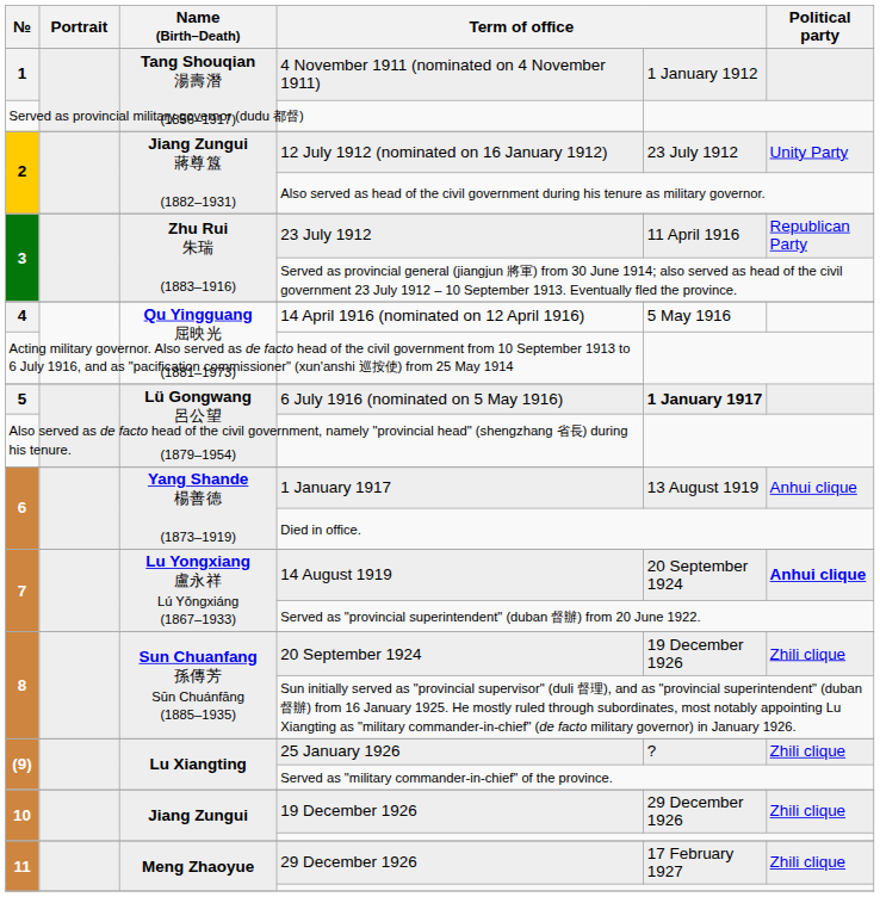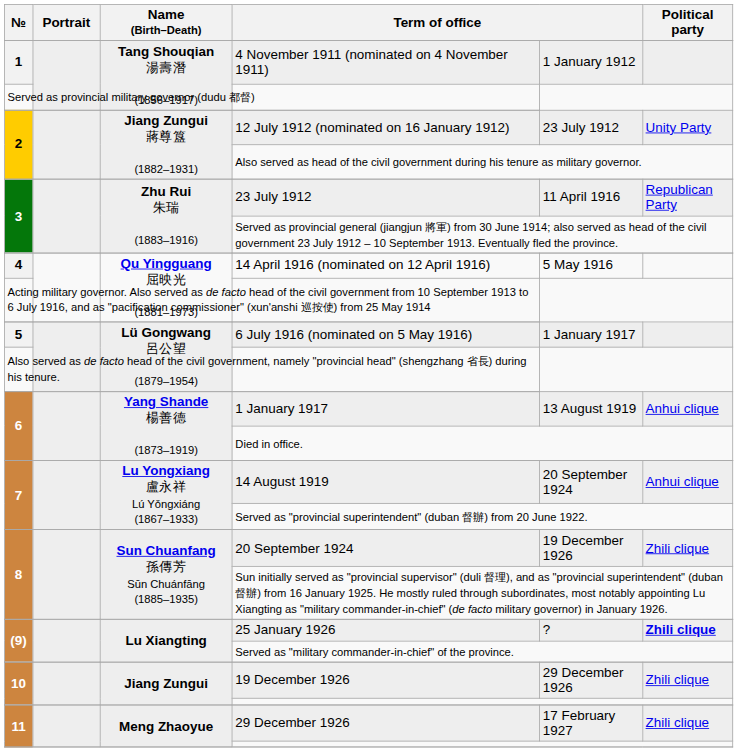 <table class="wikitable">
 <tr ->
 <th>№</th>
 <th>Portrait</th>
 <th width=150px>Name<br><small>(Birth–Death)</small></th>
 <th colspan=2 width=200px>Term of office</th>
 <th width=100px>Political party</th>
 </tr>
 <tr ->
 </tr>
 <tr - bgcolor=#EEEEEE>
 <th style="background:">1</th>
 <td rowspan=2 align=center></td>
 <td rowspan=2 align=center><strong>Tang Shouqian</strong><br><span>湯壽潛</span><br><small><br>(1856–1917)</small></td>
 <td>4 November 1911 (nominated on 4 November 1911)</td>
 <td>1 January 1912</td>
 <td></td>
 </tr>
 <tr>
 <td colspan=4><small>Served as provincial military governor  (dudu 都督)</small></td>
 </tr>
 <tr ->
 </tr>
 <tr - bgcolor=#EEEEEE>
 <th style="background:#FFCC00; color:black;" rowspan=2>2</th>
 <td rowspan=2 align=center></td>
 <td rowspan=2 align=center><strong>Jiang Zungui</strong><br><span>蔣尊簋</span><br><small><br>(1882–1931)</small></td>
 <td>12 July 1912 (nominated on 16 January 1912)</td>
 <td>23 July 1912</td>
 <td><a href='#'>Unity Party</a></td>
 </tr>
 <tr>
 <td colspan=4><small>Also served as head of the civil government during his tenure as military governor.</small></td>
 </tr>
 <tr ->
 </tr>
 <tr - bgcolor=#EEEEEE>
 <th style="background:#04770A; color:white;" rowspan=2>3</th>
 <td rowspan=2 align=center></td>
 <td rowspan=2 align=center><strong>Zhu Rui</strong><br><span>朱瑞</span><br><small><br>(1883–1916)</small></td>
 <td>23 July 1912</td>
 <td>11 April 1916</td>
 <td><a href='#'>Republican Party</a></td>
 </tr>
 <tr>
 <td colspan=4><small>Served as provincial general (jiangjun 將軍) from 30 June 1914; also served as head of the civil government 23 July 1912 – 10 September 1913. Eventually fled the province.</small></td>
 </tr>
 <tr ->
 </tr>
 <tr - bgcolor=>
 <th style="background:">4</th>
 <td rowspan=2 align=center></td>
 <td rowspan=2 align=center><strong><a href='#'>Qu Yingguang</a></strong><br><span>屈映光</span><br><small><br>(1881–1973)</small></td>
 <td>14 April 1916 (nominated on 12 April 1916)</td>
 <td>5 May 1916</td>
 <td></td>
 </tr>
 <tr>
 <td colspan=4><small>Acting military governor. Also served as <em>de facto</em> head of the civil government from 10 September 1913 to 6 July 1916, and as "pacification commissioner" (xun'anshi 巡按使) from 25 May 1914</small></td>
 </tr>
 <tr ->
 </tr>
 <tr - bgcolor=#EEEEEE>
 <th style="background:">5</th>
 <td rowspan=2 align=center></td>
 <td rowspan=2 align=center><strong>Lü Gongwang</strong><br><span>呂公望</span><br><small><br>(1879–1954)</small></td>
 <td>6 July 1916 (nominated on 5 May 1916)</td>
-<td><strong>1 January 1917</strong></td>
+<td>1 January 1917</td>
 <td></td>
 </tr>
 <tr>
 <td colspan=4><small>Also served as <em>de facto</em> head of the civil government, namely "provincial head" (shengzhang 省長) during his tenure.</small></td>
 </tr>
 <tr ->
 </tr>
 <tr - bgcolor=#EEEEEE>
 <th style="background:#CD853F; color:white;" rowspan=2>6</th>
 <td rowspan=2 align=center></td>
 <td rowspan=2 align=center><strong><a href='#'>Yang Shande</a></strong><br><span>楊善德</span><br><small><br>(1873–1919)</small></td>
 <td>1 January 1917</td>
 <td>13 August 1919</td>
 <td><a href='#'>Anhui clique</a></td>
 </tr>
 <tr>
 <td colspan=4><small>Died in office.</small></td>
 </tr>
 <tr ->
 </tr>
 <tr - bgcolor=#EEEEEE>
 <th style="background:#CD853F; color:white;" rowspan=2>7</th>
 <td rowspan=2 align=center></td>
 <td rowspan=2 align=center><strong><a href='#'>Lu Yongxiang</a></strong><br><span>盧永祥</span><br><small>Lú Yǒngxiáng<br>(1867–1933)</small></td>
 <td>14 August 1919</td>
 <td>20 September 1924</td>
-<td><strong><a href='#'>Anhui clique</a></strong></td>
+<td><a href='#'>Anhui clique</a></td>
 </tr>
 <tr>
 <td colspan=4><small>Served as "provincial superintendent" (duban 督辦) from 20 June 1922.</small></td>
 </tr>
 <tr ->
 </tr>
 <tr - bgcolor=#EEEEEE>
 <th style="background:#CD853F; color:white;" rowspan=2>8</th>
 <td rowspan=2 align=center></td>
 <td rowspan=2 align=center><strong><a href='#'>Sun Chuanfang</a></strong><br><span>孫傳芳</span><br><small>Sūn Chuánfāng<br>(1885–1935)</small></td>
 <td>20 September 1924</td>
 <td>19 December 1926</td>
 <td><a href='#'>Zhili clique</a></td>
 </tr>
 <tr>
 <td colspan=4><small>Sun initially served as "provincial supervisor" (duli 督理), and as "provincial superintendent" (duban 督辦) from 16 January 1925. He mostly ruled through subordinates, most notably appointing Lu Xiangting as "military commander-in-chief" (<em>de facto</em> military governor) in January 1926.</small></td>
 </tr>
 <tr ->
 </tr>
 <tr - bgcolor=#EEEEEE>
 <th style="background:#CD853F; color:white;" rowspan=2>(9)</th>
 <td rowspan=2 align=center></td>
 <td rowspan=2 align=center><strong>Lu Xiangting</strong></td>
 <td>25 January 1926</td>
 <td>?</td>
-<td><a href='#'>Zhili clique</a></td>
+<td><strong><a href='#'>Zhili clique</a></strong></td>
 </tr>
 <tr>
 <td colspan=4><small>Served as "military commander-in-chief" of the province.</small></td>
 </tr>
 <tr ->
 </tr>
 <tr - bgcolor=#EEEEEE>
 <th style="background:#CD853F; color:white;" rowspan=2>10</th>
 <td rowspan=2 align=center></td>
 <td rowspan=2 align=center><strong>Jiang Zungui</strong></td>
 <td>19 December 1926</td>
 <td>29 December 1926</td>
 <td><a href='#'>Zhili clique</a></td>
 </tr>
 <tr>
 <td colspan=4><small></small></td>
 </tr>
 <tr ->
 </tr>
 <tr - bgcolor=#EEEEEE>
 <th style="background:#CD853F; color:white;" rowspan=2>11</th>
 <td rowspan=2 align=center></td>
 <td rowspan=2 align=center><strong>Meng Zhaoyue</strong></td>
 <td>29 December 1926</td>
 <td>17 February 1927</td>
 <td><a href='#'>Zhili clique</a></td>
 </tr>
 <tr>
 <td colspan=4><small></small></td>
 </tr>
 <tr ->
 </tr>
 </table>
